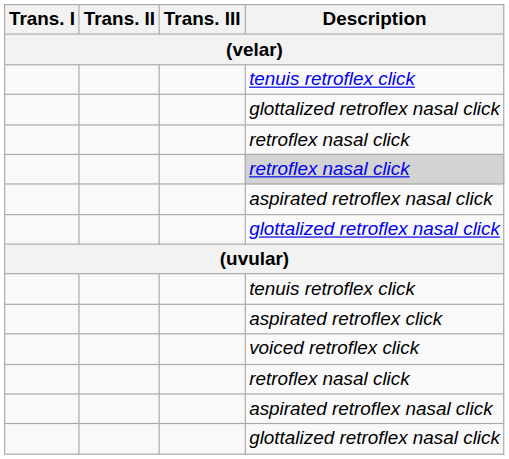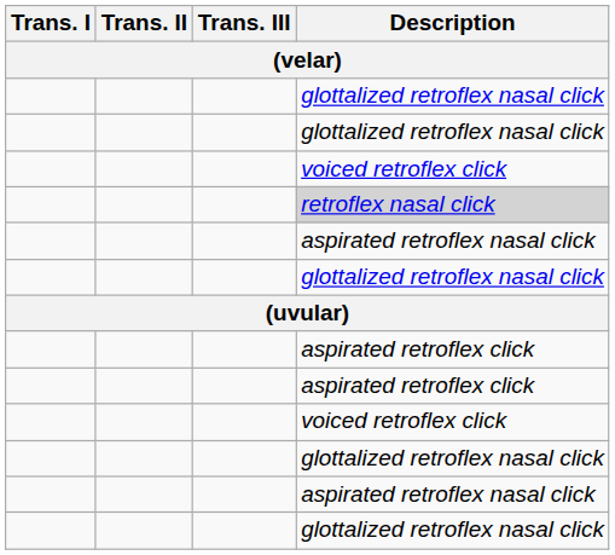 <table class="wikitable">
 <tr>
 <th>Trans. I</th>
 <th>Trans. II</th>
 <th>Trans. III</th>
 <th>Description</th>
 </tr>
 <tr>
 <th colspan=4>(velar)</th>
 </tr>
 <tr>
 <td style="font-size:24px" align="center"></td>
 <td style="font-size:24px" align="center"></td>
 <td style="font-size:24px" align="center"></td>
-<td><em><a href='#'>tenuis retroflex click</a></em></td>
+<td><em><a href='#'>glottalized retroflex nasal click</a></em></td>
 </tr>
 <tr>
 <td style="font-size:24px" align="center"></td>
 <td style="font-size:24px" align="center"></td>
 <td style="font-size:24px" align="center"></td>
 <td><em>glottalized retroflex nasal click</em></td>
 </tr>
 <tr>
 <td style="font-size:24px" align="center"></td>
 <td style="font-size:24px" align="center"></td>
 <td style="font-size:24px" align="center"></td>
-<td><em>retroflex nasal click</em></td>
+<td><em><a href='#'>voiced retroflex click</a></em></td>
 </tr>
 <tr>
 <td style="font-size:24px" align="center"></td>
 <td style="font-size:24px" align="center"></td>
 <td style="font-size:24px" align="center"></td>
 <td style="background: lightgrey;"><em><a href='#'>retroflex nasal click</a></em></td>
 </tr>
 <tr>
 <td style="font-size:24px" align="center"></td>
 <td style="font-size:24px" align="center"></td>
 <td style="font-size:24px" align="center"></td>
 <td><em>aspirated retroflex nasal click</em></td>
 </tr>
 <tr>
 <td style="font-size:24px" align="center"></td>
 <td style="font-size:24px" align="center"></td>
 <td style="font-size:24px" align="center"></td>
 <td><em><a href='#'>glottalized retroflex nasal click</a></em></td>
 </tr>
 <tr>
 <th colspan=4>(uvular)</th>
 </tr>
 <tr>
 <td style="font-size:24px" align="center"></td>
 <td style="font-size:24px" align="center"></td>
 <td></td>
-<td><em>tenuis retroflex click</em></td>
+<td><em>aspirated retroflex click</em></td>
 </tr>
 <tr>
 <td style="font-size:24px" align="center"></td>
 <td style="font-size:24px" align="center"></td>
 <td></td>
 <td><em>aspirated retroflex click</em></td>
 </tr>
 <tr>
 <td style="font-size:24px" align="center"></td>
 <td style="font-size:24px" align="center"></td>
 <td></td>
 <td><em>voiced retroflex click</em></td>
 </tr>
 <tr>
 <td style="font-size:24px" align="center"></td>
 <td style="font-size:24px" align="center"></td>
 <td></td>
-<td><em>retroflex nasal click</em></td>
+<td><em>glottalized retroflex nasal click</em></td>
 </tr>
 <tr>
 <td style="font-size:24px" align="center"></td>
 <td style="font-size:24px" align="center"></td>
 <td></td>
 <td><em>aspirated retroflex nasal click</em></td>
 </tr>
 <tr>
 <td style="font-size:24px" align="center"></td>
 <td style="font-size:24px" align="center"></td>
 <td></td>
 <td><em>glottalized retroflex nasal click</em></td>
 </tr>
 </table>
